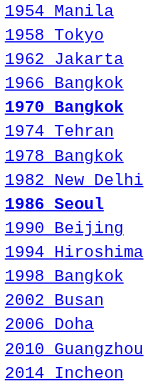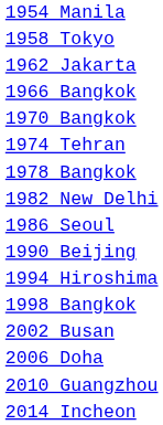 <table>
 <tr>
 <td><a href='#'>1954 Manila</a></td>
 <td></td>
 <td></td>
 <td></td>
 </tr>
 <tr>
 <td><a href='#'>1958 Tokyo</a></td>
 <td></td>
 <td></td>
 <td></td>
 </tr>
 <tr>
 <td><a href='#'>1962 Jakarta</a></td>
 <td></td>
 <td></td>
 <td></td>
 </tr>
 <tr>
 <td><a href='#'>1966 Bangkok</a></td>
 <td></td>
 <td></td>
 <td></td>
 </tr>
 <tr>
-<td><strong><a href='#'>1970 Bangkok</a></strong></td>
+<td><a href='#'>1970 Bangkok</a></td>
 <td></td>
 <td></td>
 <td></td>
 </tr>
 <tr>
 <td><a href='#'>1974 Tehran</a></td>
 <td></td>
 <td></td>
 <td></td>
 </tr>
 <tr>
 <td><a href='#'>1978 Bangkok</a></td>
 <td></td>
 <td></td>
 <td></td>
 </tr>
 <tr>
 <td><a href='#'>1982 New Delhi</a></td>
 <td></td>
 <td></td>
 <td></td>
 </tr>
 <tr>
-<td><strong><a href='#'>1986 Seoul</a></strong></td>
+<td><a href='#'>1986 Seoul</a></td>
 <td></td>
 <td></td>
 <td></td>
 </tr>
 <tr>
 <td><a href='#'>1990 Beijing</a></td>
 <td></td>
 <td></td>
 <td></td>
 </tr>
 <tr>
 <td><a href='#'>1994 Hiroshima</a></td>
 <td></td>
 <td></td>
 <td></td>
 </tr>
 <tr>
 <td><a href='#'>1998 Bangkok</a></td>
 <td></td>
 <td></td>
 <td></td>
 </tr>
 <tr>
 <td><a href='#'>2002 Busan</a></td>
 <td></td>
 <td></td>
 <td></td>
 </tr>
 <tr>
 <td><a href='#'>2006 Doha</a></td>
 <td></td>
 <td></td>
 <td></td>
 </tr>
 <tr>
 <td><a href='#'>2010 Guangzhou</a></td>
 <td></td>
 <td></td>
 <td></td>
 </tr>
 <tr>
 <td><a href='#'>2014 Incheon</a></td>
 <td></td>
 <td></td>
 <td></td>
 </tr>
 </table>
